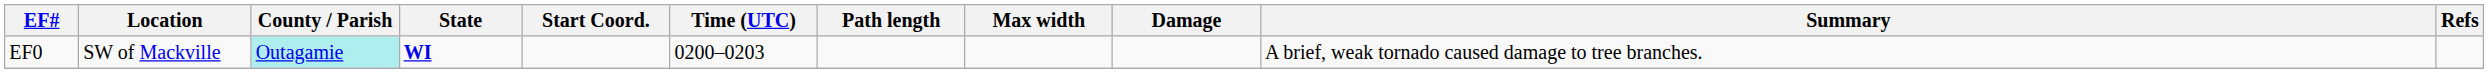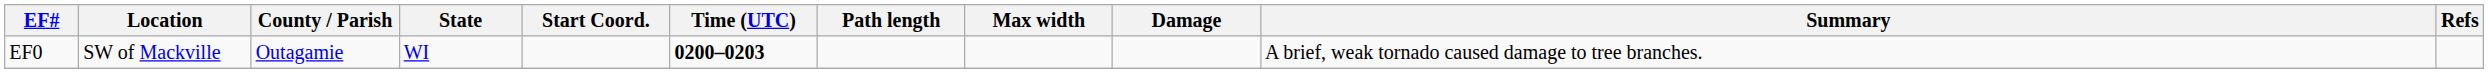 <table class="wikitable sortable" style="width:100%;">
 <tr>
 <th scope="col" width="3%" align="center"><a href='#'>EF#</a></th>
 <th scope="col" width="7%" align="center" class="unsortable">Location</th>
 <th scope="col" width="6%" align="center" class="unsortable">County / Parish</th>
 <th scope="col" width="5%" align="center">State</th>
 <th scope="col" width="6%" align="center">Start Coord.</th>
 <th scope="col" width="6%" align="center">Time (<a href='#'>UTC</a>)</th>
 <th scope="col" width="6%" align="center">Path length</th>
 <th scope="col" width="6%" align="center">Max width</th>
 <th scope="col" width="6%" align="center">Damage</th>
 <th scope="col" width="48%" class="unsortable" align="center">Summary</th>
 <th scope="col" width="48%" class="unsortable" align="center">Refs</th>
 </tr>
 <tr>
 <td>EF0</td>
 <td>SW of <a href='#'>Mackville</a></td>
-<td style="background: paleturquoise;"><a href='#'>Outagamie</a></td>
-<td><strong><a href='#'>WI</a></strong></td>
+<td><a href='#'>Outagamie</a></td>
+<td><a href='#'>WI</a></td>
 <td></td>
-<td>0200–0203</td>
+<td><strong>0200–0203</strong></td>
 <td></td>
 <td></td>
 <td></td>
 <td>A brief, weak tornado caused damage to tree branches.</td>
 <td></td>
 </tr>
 <tr>
 </tr>
 </table>
